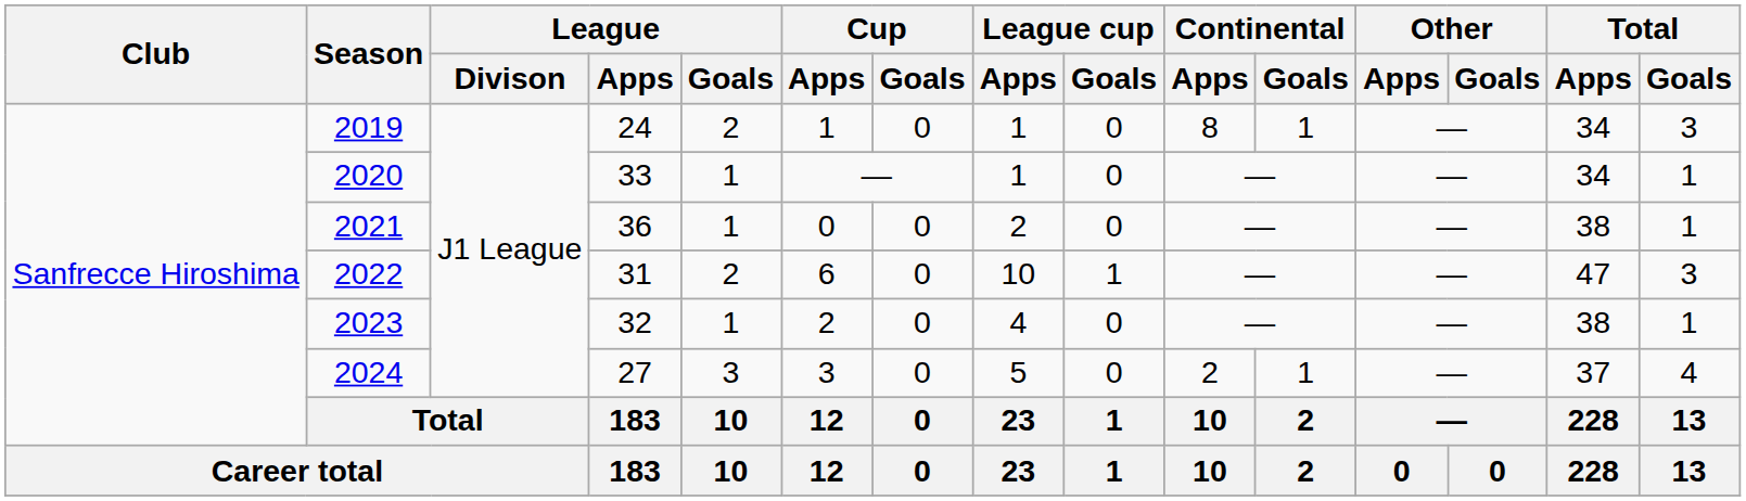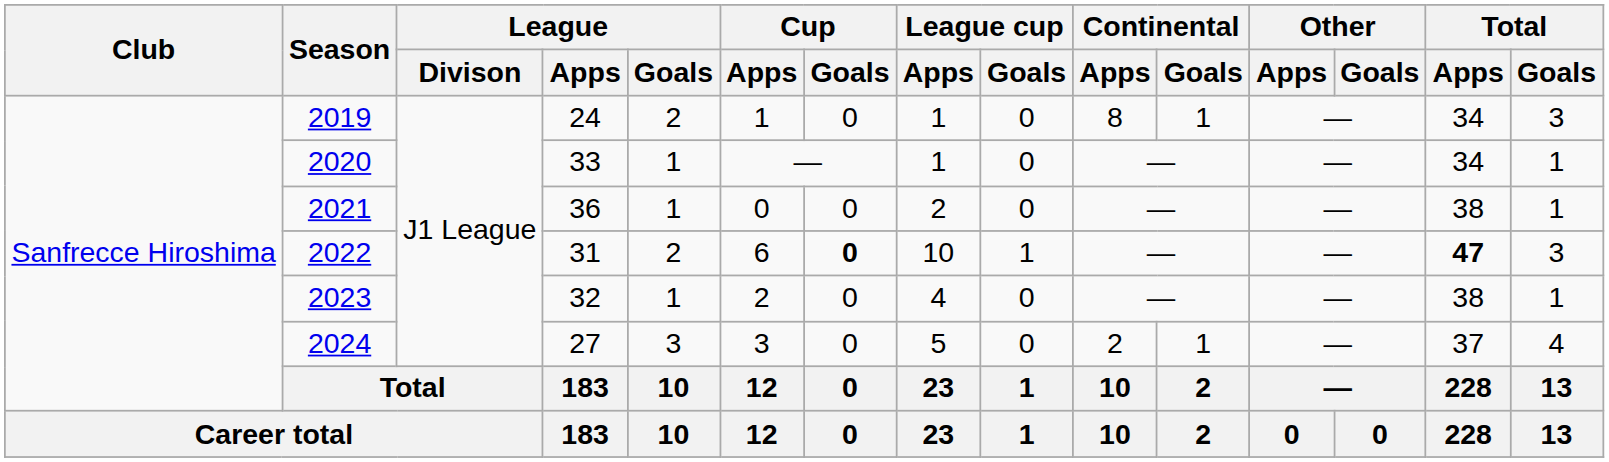 <table class="wikitable" style="text-align:center">
 <tr>
 <th rowspan="2">Club</th>
 <th rowspan="2">Season</th>
 <th colspan="3">League</th>
 <th colspan="2">Cup</th>
 <th colspan="2">League cup</th>
 <th colspan="2">Continental</th>
 <th colspan="2">Other</th>
 <th colspan="2">Total</th>
 </tr>
 <tr>
 <th>Divison</th>
 <th>Apps</th>
 <th>Goals</th>
 <th>Apps</th>
 <th>Goals</th>
 <th>Apps</th>
 <th>Goals</th>
 <th>Apps</th>
 <th>Goals</th>
 <th>Apps</th>
 <th>Goals</th>
 <th>Apps</th>
 <th>Goals</th>
 </tr>
 <tr>
 <td rowspan="7"><a href='#'>Sanfrecce Hiroshima</a></td>
 <td><a href='#'>2019</a></td>
 <td rowspan="6">J1 League</td>
 <td>24</td>
 <td>2</td>
 <td>1</td>
 <td>0</td>
 <td>1</td>
 <td>0</td>
 <td>8</td>
 <td>1</td>
 <td colspan="2">—</td>
 <td>34</td>
 <td>3</td>
 </tr>
 <tr>
 <td><a href='#'>2020</a></td>
 <td>33</td>
 <td>1</td>
 <td colspan="2">—</td>
 <td>1</td>
 <td>0</td>
 <td colspan="2">—</td>
 <td colspan="2">—</td>
 <td>34</td>
 <td>1</td>
 </tr>
 <tr>
 <td><a href='#'>2021</a></td>
 <td>36</td>
 <td>1</td>
 <td>0</td>
 <td>0</td>
 <td>2</td>
 <td>0</td>
 <td colspan="2">—</td>
 <td colspan="2">—</td>
 <td>38</td>
 <td>1</td>
 </tr>
 <tr>
 <td><a href='#'>2022</a></td>
 <td>31</td>
 <td>2</td>
 <td>6</td>
-<td>0</td>
+<td><strong>0</strong></td>
 <td>10</td>
 <td>1</td>
 <td colspan="2">—</td>
 <td colspan="2">—</td>
-<td>47</td>
+<td><strong>47</strong></td>
 <td>3</td>
 </tr>
 <tr>
 <td><a href='#'>2023</a></td>
 <td>32</td>
 <td>1</td>
 <td>2</td>
 <td>0</td>
 <td>4</td>
 <td>0</td>
 <td colspan="2">—</td>
 <td colspan="2">—</td>
 <td>38</td>
 <td>1</td>
 </tr>
 <tr>
 <td><a href='#'>2024</a></td>
 <td>27</td>
 <td>3</td>
 <td>3</td>
 <td>0</td>
 <td>5</td>
 <td>0</td>
 <td>2</td>
 <td>1</td>
 <td colspan="2">—</td>
 <td>37</td>
 <td>4</td>
 </tr>
 <tr>
 <th colspan="2">Total</th>
 <th>183</th>
 <th>10</th>
 <th>12</th>
 <th>0</th>
 <th>23</th>
 <th>1</th>
 <th>10</th>
 <th>2</th>
 <th colspan="2">—</th>
 <th>228</th>
 <th>13</th>
 </tr>
 <tr>
 <th colspan="3">Career total</th>
 <th>183</th>
 <th>10</th>
 <th>12</th>
 <th>0</th>
 <th>23</th>
 <th>1</th>
 <th>10</th>
 <th>2</th>
 <th>0</th>
 <th>0</th>
 <th>228</th>
 <th>13</th>
 </tr>
 </table>
